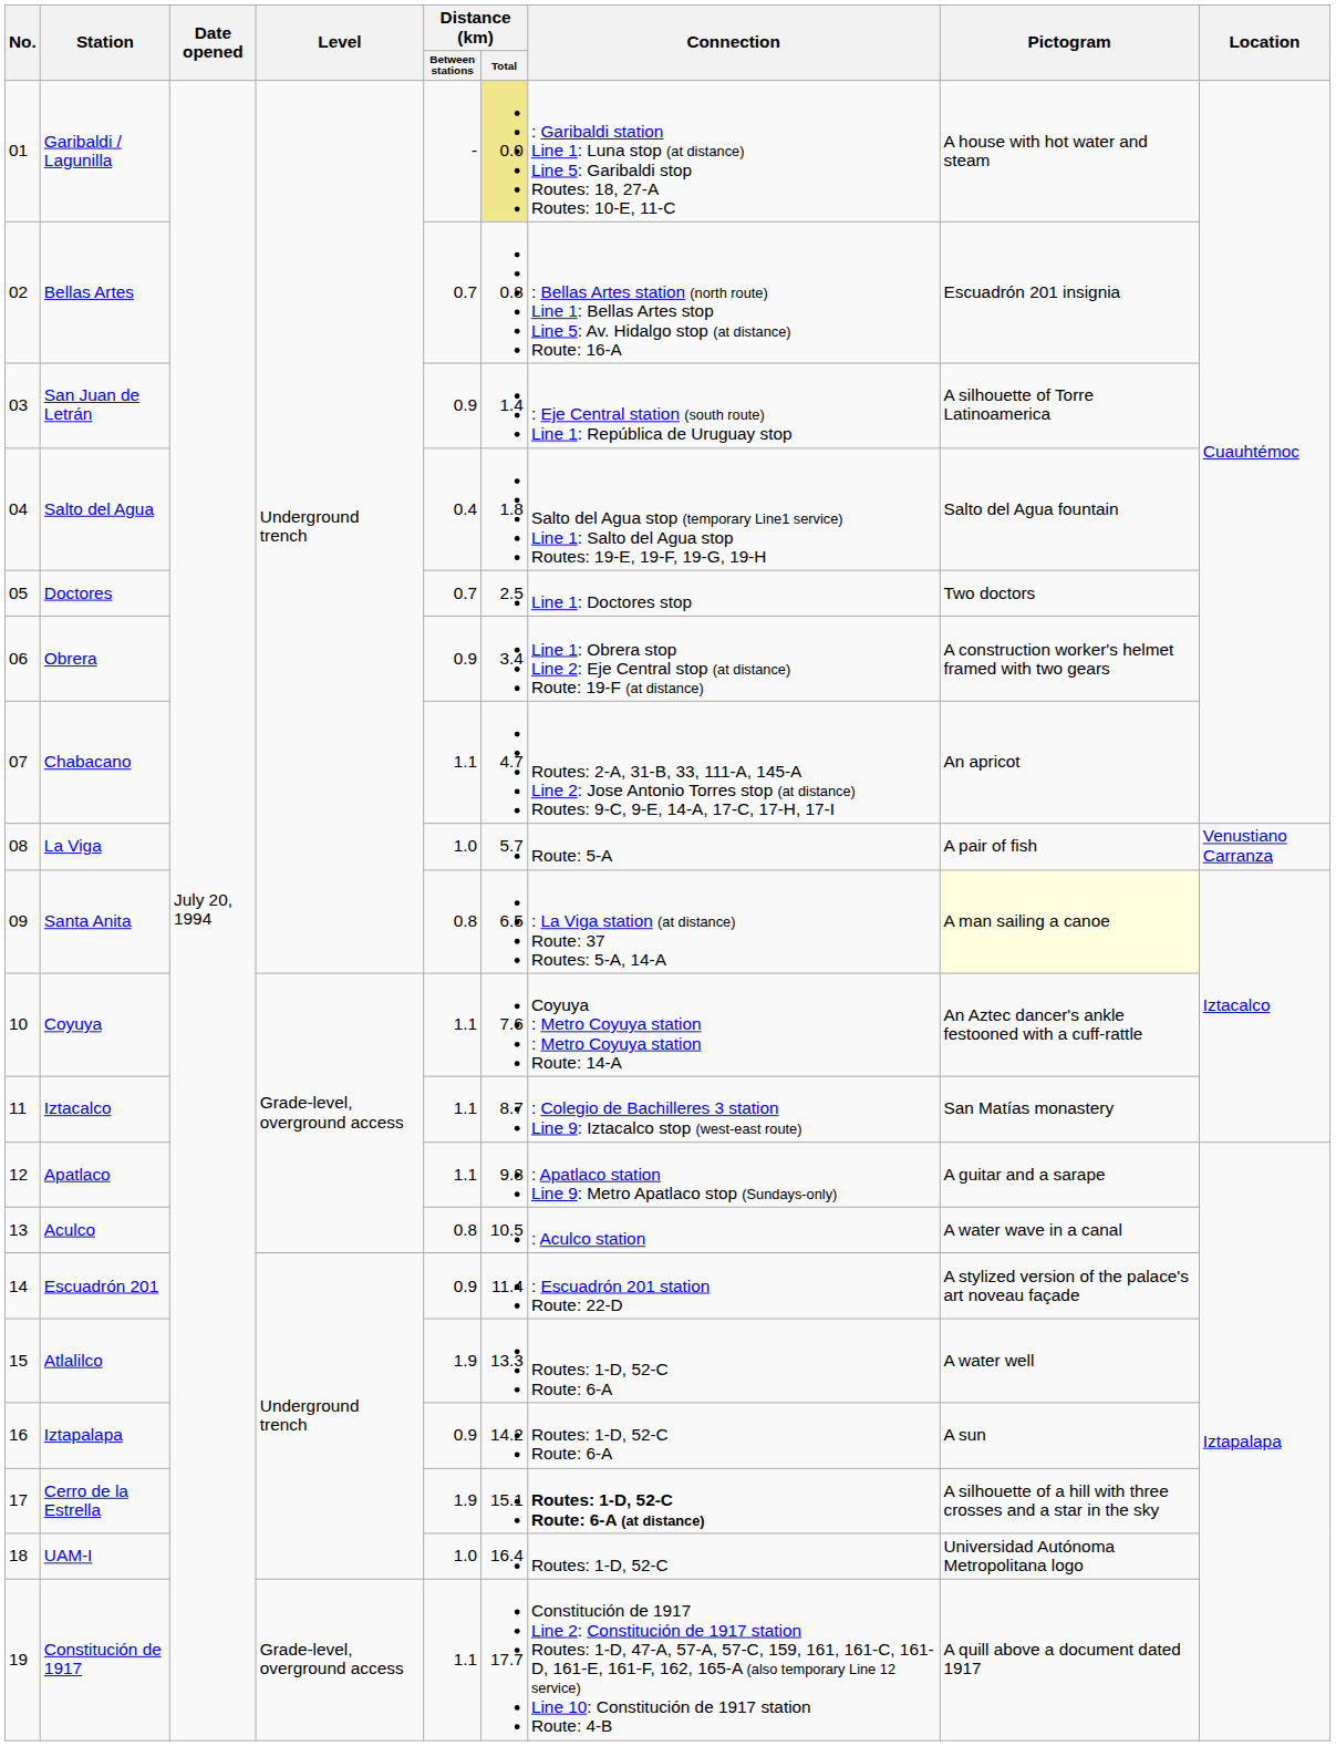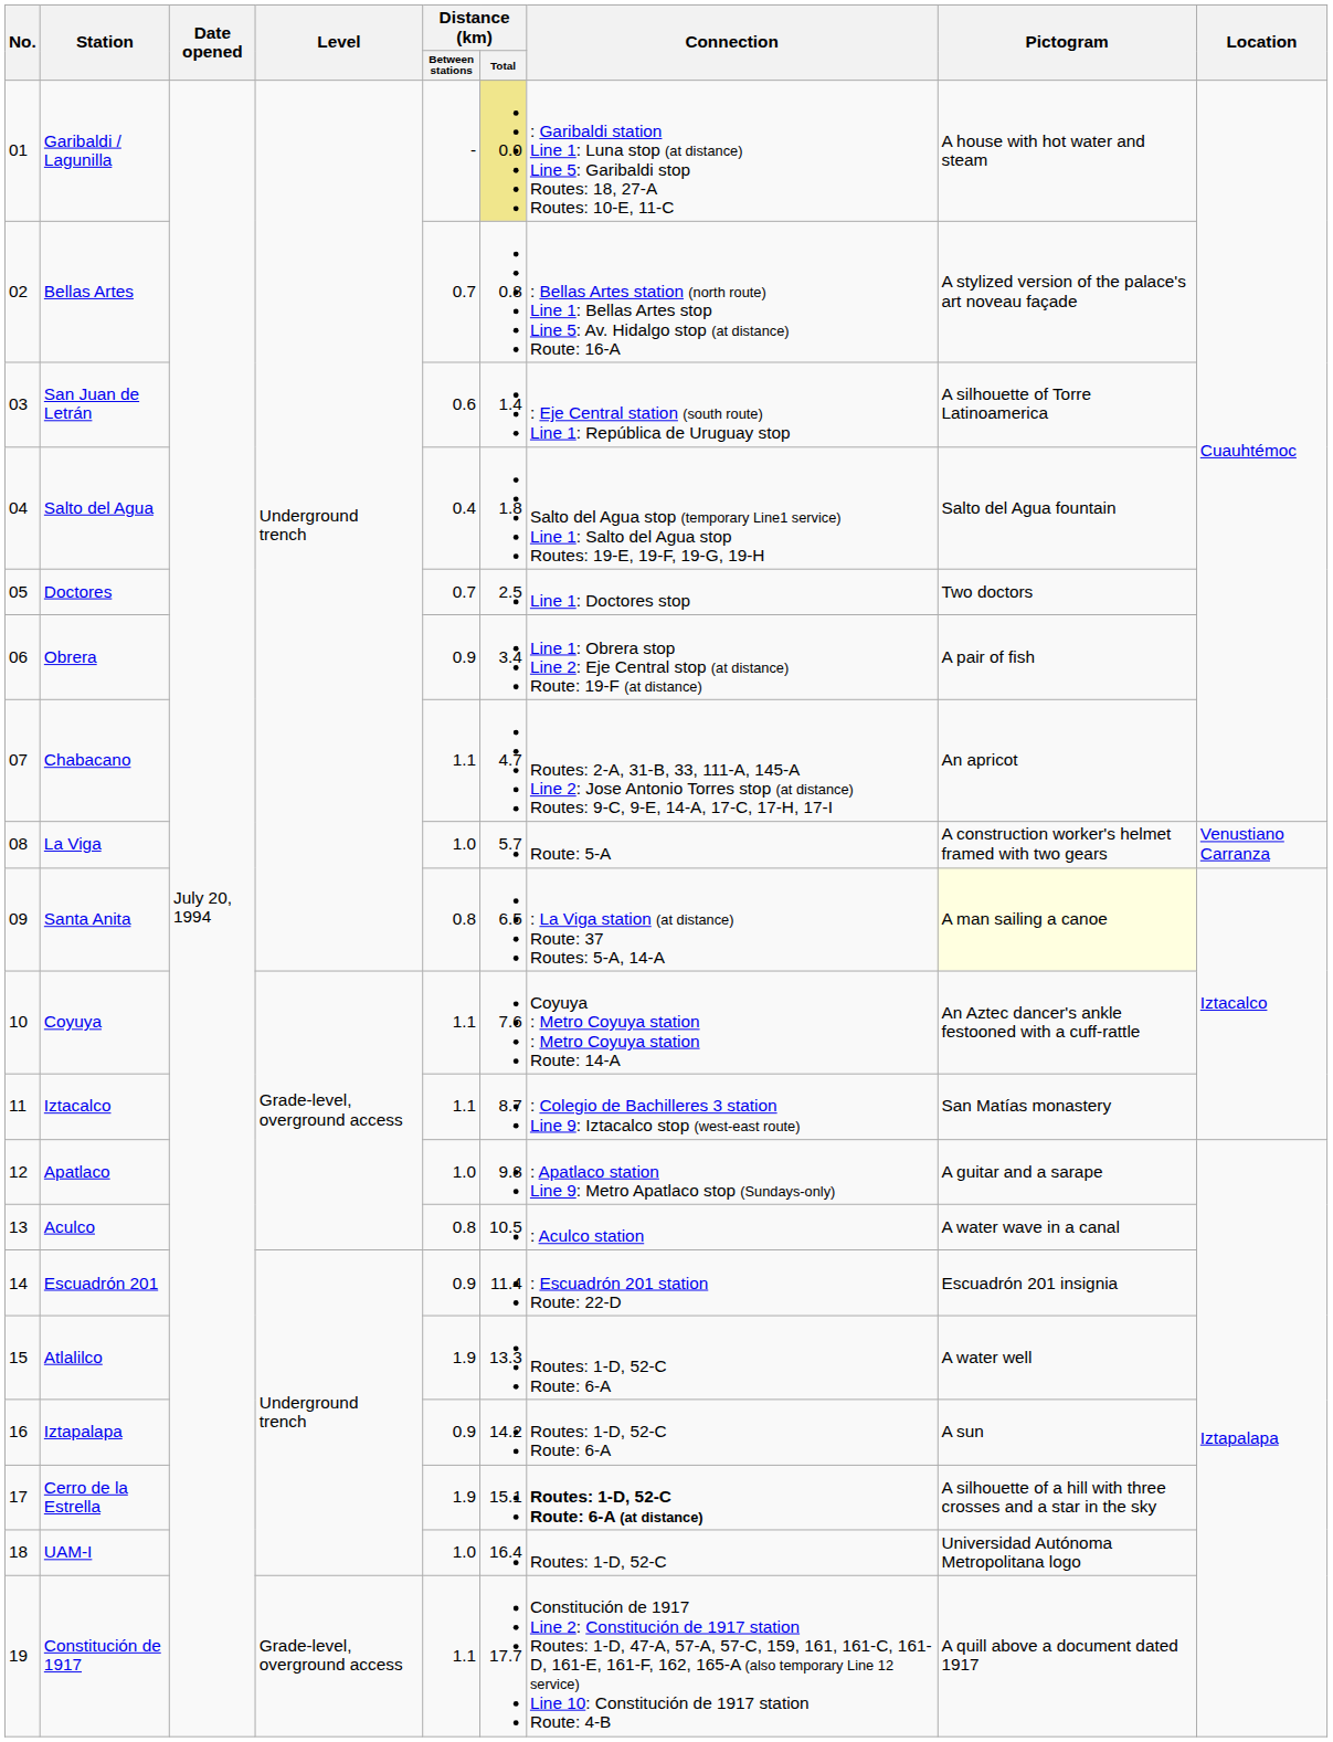 <table class="wikitable" rules="all">
 <tr>
 <th rowspan="2">No.</th>
 <th rowspan="2">Station</th>
 <th rowspan="2">Date opened</th>
 <th rowspan="2">Level</th>
 <th colspan="2">Distance (km)</th>
 <th rowspan="2">Connection</th>
 <th rowspan="2">Pictogram</th>
 <th rowspan="2">Location</th>
 </tr>
 <tr>
 <th style="font-size: 65%;">Between<br>stations</th>
 <th style="font-size: 65%;">Total</th>
 </tr>
 <tr>
 <td style="background: #">01</td>
 <td><a href='#'>Garibaldi / Lagunilla</a> </td>
 <td rowspan="19">July 20, 1994</td>
 <td rowspan="9">Underground<br>trench</td>
 <td style="text-align:right;">-</td>
 <td style="background: khaki; text-align:right;">0.0</td>
 <td><br><li> </li> <li> : <a href='#'>Garibaldi station</a></li> <li>  <a href='#'>Line 1</a>: Luna stop <small>(at distance)</small></li> <li>  <a href='#'>Line 5</a>: Garibaldi stop<br><li> Routes: 18, 27-A</li> <li> Routes: 10-E, 11-C</td>
 <td>A house with hot water and steam</td>
 <td rowspan="7"><a href='#'>Cuauhtémoc</a></td>
 </tr>
 <tr>
 <td style="background: #">02</td>
 <td><a href='#'>Bellas Artes</a> </td>
 <td style="text-align:right;">0.7</td>
 <td style="text-align:right;">0.8</td>
 <td><br><li> </li> <li></li> <li> : <a href='#'>Bellas Artes station</a> <small>(north route)</small></li> <li>  <a href='#'>Line 1</a>: Bellas Artes stop</li> <li>  <a href='#'>Line 5</a>: Av. Hidalgo stop <small>(at distance)</small><li> Route: 16-A</td>
-<td>Escuadrón 201 insignia</td>
+<td>A stylized version of the palace's art noveau façade</td>
 </tr>
 <tr>
 <td style="background: #">03</td>
 <td><a href='#'>San Juan de Letrán</a></td>
-<td style="text-align:right;">0.9</td>
+<td style="text-align:right;">0.6</td>
 <td style="text-align:right;">1.4</td>
 <td><br><li></li> <li> : <a href='#'>Eje Central station</a> <small>(south route)</small></li> <li>  <a href='#'>Line 1</a>: República de Uruguay stop</td>
 <td>A silhouette of Torre Latinoamerica</td>
 </tr>
 <tr>
 <td style="background: #">04</td>
 <td><a href='#'>Salto del Agua</a> </td>
 <td style="text-align:right;">0.4</td>
 <td style="text-align:right;">1.8</td>
 <td><br><li> </li> <li></li> <li> Salto del Agua stop <small>(temporary Line1 service)</small></li> <li>  <a href='#'>Line 1</a>: Salto del Agua stop<br><li> Routes: 19-E, 19-F, 19-G, 19-H</td>
 <td>Salto del Agua fountain</td>
 </tr>
 <tr>
 <td style="background: #">05</td>
 <td><a href='#'>Doctores</a></td>
 <td style="text-align:right;">0.7</td>
 <td style="text-align:right;">2.5</td>
 <td><br><li>  <a href='#'>Line 1</a>: Doctores stop</td>
 <td>Two doctors</td>
 </tr>
 <tr>
 <td style="background: #">06</td>
 <td><a href='#'>Obrera</a></td>
 <td style="text-align:right;">0.9</td>
 <td style="text-align:right;">3.4</td>
 <td><br><li>  <a href='#'>Line 1</a>: Obrera stop</li> <li>  <a href='#'>Line 2</a>: Eje Central stop <small>(at distance)</small></li> <li> Route: 19-F <small>(at distance)</small></td>
-<td>A construction worker's helmet framed with two gears</td>
+<td>A pair of fish</td>
 </tr>
 <tr>
 <td style="background: #">07</td>
 <td><a href='#'>Chabacano</a> </td>
 <td style="text-align:right;">1.1</td>
 <td style="text-align:right;">4.7</td>
 <td><br><li> </li> <li> </li> <li> Routes: 2-A, 31-B, 33, 111-A, 145-A</li> <li>  <a href='#'>Line 2</a>: Jose Antonio Torres stop <small>(at distance)</small><li> Routes: 9-C, 9-E, 14-A, 17-C, 17-H, 17-I</td>
 <td>An apricot</td>
 </tr>
 <tr>
 <td style="background: #">08</td>
 <td><a href='#'>La Viga</a></td>
 <td style="text-align:right;">1.0</td>
 <td style="text-align:right;">5.7</td>
 <td><br><li> Route: 5-A</td>
-<td>A pair of fish</td>
+<td>A construction worker's helmet framed with two gears</td>
 <td><a href='#'>Venustiano Carranza</a></td>
 </tr>
 <tr>
 <td style="background: #">09</td>
 <td><a href='#'>Santa Anita</a></td>
 <td style="text-align:right;">0.8</td>
 <td style="text-align:right;">6.5</td>
 <td><br><li> </li> <li> : <a href='#'>La Viga station</a> <small>(at distance)</small></li> <li> Route: 37<br><li> Routes: 5-A, 14-A</td>
 <td style="background: lightyellow;">A man sailing a canoe</td>
 <td rowspan="3"><a href='#'>Iztacalco</a></td>
 </tr>
 <tr>
 <td style="background: #">10</td>
 <td><a href='#'>Coyuya</a> </td>
 <td rowspan="4">Grade-level, overground access</td>
 <td style="text-align:right;">1.1</td>
 <td style="text-align:right;">7.6</td>
 <td><br><li> Coyuya</li> <li> : <a href='#'>Metro Coyuya station</a> <li> : <a href='#'>Metro Coyuya station</a></li> <li> Route: 14-A</td>
 <td>An Aztec dancer's ankle festooned with a cuff-rattle</td>
 </tr>
 <tr>
 <td style="background: #">11</td>
 <td><a href='#'>Iztacalco</a> </td>
 <td style="text-align:right;">1.1</td>
 <td style="text-align:right;">8.7</td>
 <td><br><li> : <a href='#'>Colegio de Bachilleres 3 station</a><li>  <a href='#'>Line 9</a>: Iztacalco stop <small>(west-east route)</small></td>
 <td>San Matías monastery</td>
 </tr>
 <tr>
 <td style="background: #">12</td>
 <td><a href='#'>Apatlaco</a></td>
-<td style="text-align:right;">1.1</td>
+<td style="text-align:right;">1.0</td>
 <td style="text-align:right;">9.8</td>
 <td><br><li> : <a href='#'>Apatlaco station</a></li> <li>  <a href='#'>Line 9</a>: Metro Apatlaco stop <small>(Sundays-only)</small></td>
 <td>A guitar and a sarape</td>
 <td rowspan="8"><a href='#'>Iztapalapa</a></td>
 </tr>
 <tr>
 <td style="background: #">13</td>
 <td><a href='#'>Aculco</a></td>
 <td style="text-align:right;">0.8</td>
 <td style="text-align:right;">10.5</td>
 <td><br><li> : <a href='#'>Aculco station</a></td>
 <td>A water wave in a canal</td>
 </tr>
 <tr>
 <td style="background: #">14</td>
 <td><a href='#'>Escuadrón 201</a></td>
 <td rowspan="5">Underground<br>trench</td>
 <td style="text-align:right;">0.9</td>
 <td style="text-align:right;">11.4</td>
 <td><br><li> : <a href='#'>Escuadrón 201 station</a></li> <li> Route: 22-D</td>
-<td>A stylized version of the palace's art noveau façade</td>
+<td>Escuadrón 201 insignia</td>
 </tr>
 <tr>
 <td style="background: #">15</td>
 <td><a href='#'>Atlalilco</a> </td>
 <td style="text-align:right;">1.9</td>
 <td style="text-align:right;">13.3</td>
 <td><br><li> </li> <li> Routes: 1-D, 52-C</li> <li> Route: 6-A</td>
 <td>A water well</td>
 </tr>
 <tr>
 <td style="background: #">16</td>
 <td><a href='#'>Iztapalapa</a></td>
 <td style="text-align:right;">0.9</td>
 <td style="text-align:right;">14.2</td>
 <td><br><li> Routes: 1-D, 52-C</li> <li> Route: 6-A</td>
 <td>A sun</td>
 </tr>
 <tr>
 <td style="background: #">17</td>
 <td><a href='#'>Cerro de la Estrella</a></td>
 <td style="text-align:right;">1.9</td>
 <td style="text-align:right;">15.1</td>
 <td><strong><br><li> Routes: 1-D, 52-C</li> <li> Route: 6-A <small>(at distance)</small></strong></td>
 <td>A silhouette of a hill with three crosses and a star in the sky</td>
 </tr>
 <tr>
 <td style="background: #">18</td>
 <td><a href='#'>UAM-I</a></td>
 <td style="text-align:right;">1.0</td>
 <td style="text-align:right;">16.4</td>
 <td><br><li> Routes: 1-D, 52-C</td>
 <td>Universidad Autónoma Metropolitana logo</td>
 </tr>
 <tr>
 <td style="background: #">19</td>
 <td><a href='#'>Constitución de 1917</a> </td>
 <td>Grade-level, overground access</td>
 <td style="text-align:right;">1.1</td>
 <td style="text-align:right;">17.7</td>
 <td><br><li> Constitución de 1917</li> <li>  <a href='#'>Line 2</a>: <a href='#'>Constitución de 1917 station</a></li> <li> Routes: 1-D, 47-A, 57-A, 57-C, 159, 161, 161-C, 161-D, 161-E, 161-F, 162, 165-A <small>(also temporary Line 12 service)</small></li> <li>  <a href='#'>Line 10</a>: Constitución de 1917 station</li> <li> Route: 4-B</td>
 <td>A quill above a document dated 1917</td>
 </tr>
 </table>
